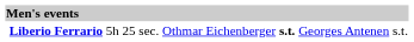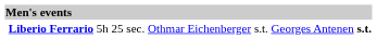 <table>
 <tr bgcolor="#cccccc">
 <td colspan=7><strong>Men's events</strong></td>
 </tr>
 <tr>
 <td><br></td>
 <td><strong><a href='#'>Liberio Ferrario</a></strong><br><small></small></td>
 <td align=right>5h 25 sec.</td>
 <td><a href='#'>Othmar Eichenberger</a><br><small></small></td>
+<td align=right>s.t.</td>
+<td><a href='#'>Georges Antenen</a><br><small></small></td>
 <td align=right><strong>s.t.</strong></td>
-<td><a href='#'>Georges Antenen</a><br><small></small></td>
-<td align=right>s.t.</td>
 </tr>
 </table>
